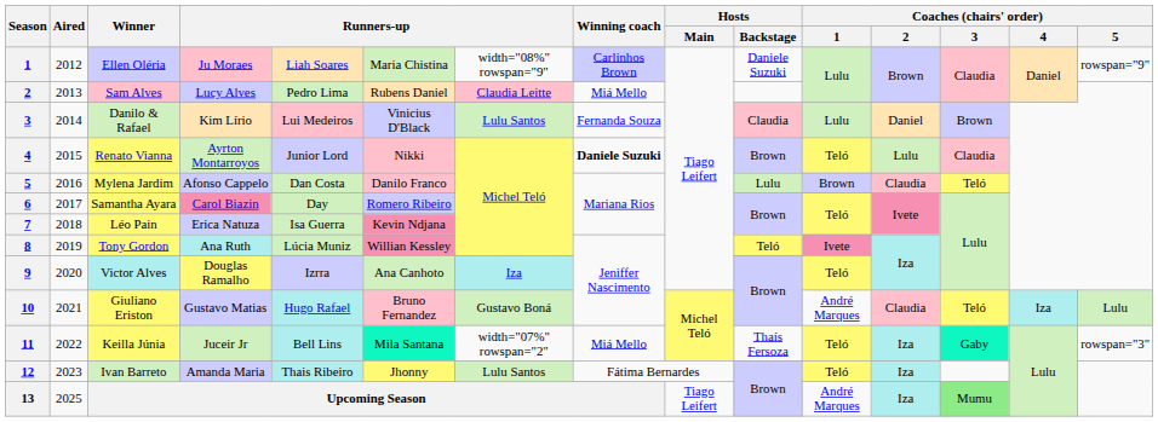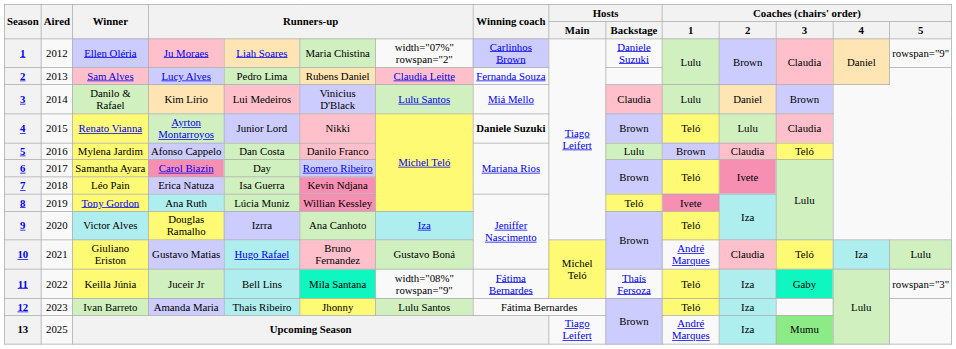 <table class="wikitable" style="text-align:center; font-size:90%; line-height:16px; width:100%">
 <tr>
 <th rowspan="2" scope="col" width="01%">Season</th>
 <th rowspan="2" scope="col" width="01%">Aired</th>
 <th rowspan="2" scope="col" width="08%">Winner</th>
 <th rowspan="2" colspan="4" width="00%">Runners-up</th>
 <th rowspan="2" scope="col" width="08%">Winning coach</th>
 <th colspan="2" scope="col">Hosts</th>
 <th colspan="5" scope="col">Coaches (chairs' order)</th>
 </tr>
 <tr>
 <th width="6%">Main</th>
 <th width="6%">Backstage</th>
 <th width="6%">1</th>
 <th width="6%">2</th>
 <th width="6%">3</th>
 <th width="6%">4</th>
 <th width="6%">5</th>
 </tr>
 <tr>
 <th scope="row"><a href='#'>1</a></th>
 <td>2012</td>
 <td bgcolor="#CCCCFF"><a href='#'>Ellen Oléria</a></td>
 <td width="08%" bgcolor="pink"><a href='#'>Ju Moraes</a></td>
 <td width="08%" bgcolor="#FFE5B4"><a href='#'>Liah Soares</a></td>
 <td width="08%" bgcolor="#D0F0C0">Maria Chistina</td>
-<td>width="08%" rowspan="9" </td>
+<td>width="07%" rowspan="2" </td>
 <td bgcolor="#CCCCFF"><a href='#'>Carlinhos Brown</a></td>
 <td rowspan="9"><a href='#'>Tiago Leifert</a></td>
 <td><a href='#'>Daniele Suzuki</a></td>
 <td rowspan="2" bgcolor="#D0F0C0">Lulu</td>
 <td rowspan="2" bgcolor="#ccf">Brown</td>
 <td rowspan="2" bgcolor="Pink">Claudia</td>
 <td rowspan="2" bgcolor="#ffe5b4">Daniel</td>
 <td>rowspan="9" </td>
 </tr>
 <tr>
 <th scope="row"><a href='#'>2</a></th>
 <td>2013</td>
 <td bgcolor="pink"><a href='#'>Sam Alves</a></td>
 <td bgcolor="#CCCCFF"><a href='#'>Lucy Alves</a></td>
 <td bgcolor="#D0F0C0">Pedro Lima</td>
 <td bgcolor="#FFE5B4">Rubens Daniel</td>
 <td bgcolor="pink"><a href='#'>Claudia Leitte</a></td>
-<td><a href='#'>Miá Mello</a></td>
+<td><a href='#'>Fernanda Souza</a></td>
 </tr>
 <tr>
 <th scope="row"><a href='#'>3</a></th>
 <td>2014</td>
 <td bgcolor="#D0F0C0">Danilo & Rafael</td>
 <td bgcolor="#FFE5B4">Kim Lírio</td>
 <td bgcolor="pink">Lui Medeiros</td>
 <td bgcolor="#CCCCFF">Vinicius D'Black</td>
 <td bgcolor="#D0F0C0"><a href='#'>Lulu Santos</a></td>
-<td><a href='#'>Fernanda Souza</a></td>
+<td><a href='#'>Miá Mello</a></td>
 <td bgcolor="pink">Claudia</td>
 <td bgcolor="#D0F0C0">Lulu</td>
 <td bgcolor="#FFE5B4">Daniel</td>
 <td bgcolor="#CCCCFF">Brown</td>
 </tr>
 <tr>
 <th scope="row"><a href='#'>4</a></th>
 <td>2015</td>
 <td bgcolor="#fffa73"><a href='#'>Renato Vianna</a></td>
 <td bgcolor="#D0F0C0"><a href='#'>Ayrton Montarroyos</a></td>
 <td bgcolor="#CCCCFF">Junior Lord</td>
 <td bgcolor="pink">Nikki</td>
 <td rowspan="5" bgcolor="#fffa73"><a href='#'>Michel Teló</a></td>
 <td><strong>Daniele Suzuki</strong></td>
 <td bgcolor="#CCCCFF">Brown</td>
 <td bgcolor="#fffa73">Teló</td>
 <td bgcolor="#D0F0C0">Lulu</td>
 <td bgcolor="pink">Claudia</td>
 </tr>
 <tr>
 <th scope="row"><a href='#'>5</a></th>
 <td>2016</td>
 <td bgcolor="#fffa73">Mylena Jardim</td>
 <td bgcolor="#CCCCFF">Afonso Cappelo</td>
 <td bgcolor="#D0F0C0">Dan Costa</td>
 <td bgcolor="Pink">Danilo Franco</td>
 <td rowspan="3"><a href='#'>Mariana Rios</a></td>
 <td bgcolor="#D0F0C0">Lulu</td>
 <td bgcolor="#CCCCFF">Brown</td>
 <td bgcolor="pink">Claudia</td>
 <td bgcolor="#fffa73">Teló</td>
 </tr>
 <tr>
 <th scope="row"><a href='#'>6</a></th>
 <td>2017</td>
 <td bgcolor="#fffa73">Samantha Ayara</td>
 <td bgcolor="#f78fb2"><a href='#'>Carol Biazin</a></td>
 <td bgcolor="#D0F0C0">Day</td>
 <td bgcolor="#CCCCFF"><a href='#'>Romero Ribeiro</a></td>
 <td rowspan="2" bgcolor="#CCCCFF">Brown</td>
 <td rowspan="2" bgcolor="#fffa73">Teló</td>
 <td rowspan="2" bgcolor="#f78fb2">Ivete</td>
 <td rowspan="4" bgcolor="#D0F0C0">Lulu</td>
 </tr>
 <tr>
 <th scope="row"><a href='#'>7</a></th>
 <td>2018</td>
 <td bgcolor="#fffa73">Léo Pain</td>
 <td bgcolor="#CCCCFF">Erica Natuza</td>
 <td bgcolor="#D0F0C0">Isa Guerra</td>
 <td bgcolor="#f78fb2">Kevin Ndjana</td>
 </tr>
 <tr>
 <th scope="row"><a href='#'>8</a></th>
 <td>2019</td>
 <td bgcolor="#fffa73"><a href='#'>Tony Gordon</a></td>
 <td bgcolor="#afeeee">Ana Ruth</td>
 <td bgcolor="#D0F0C0">Lúcia Muniz</td>
 <td bgcolor="#f78fb2">Willian Kessley</td>
 <td rowspan="3"><a href='#'>Jeniffer Nascimento</a></td>
 <td bgcolor="#fffa73">Teló</td>
 <td bgcolor="#f78fb2">Ivete</td>
 <td rowspan="2" bgcolor="#afeeee">Iza</td>
 </tr>
 <tr>
 <th scope="row"><a href='#'>9</a></th>
 <td>2020</td>
 <td bgcolor="#afeeee">Victor Alves</td>
 <td bgcolor="#fffa73">Douglas Ramalho</td>
 <td bgcolor="#ccccff">Izrra</td>
 <td bgcolor="#D0F0C0">Ana Canhoto</td>
 <td bgcolor="#afeeee"><a href='#'>Iza</a></td>
 <td rowspan="2" bgcolor="#CCCCFF">Brown</td>
 <td bgcolor="#fffa73">Teló</td>
 </tr>
 <tr>
 <th scope="row"><a href='#'>10</a></th>
 <td>2021</td>
 <td style="background:#fffa73">Giuliano Eriston</td>
 <td style="background:#ccccff">Gustavo Matias</td>
 <td style="background:#afeeee"><a href='#'>Hugo Rafael</a></td>
 <td style="background:pink">Bruno Fernandez</td>
 <td style="background:#d0f0c0">Gustavo Boná</td>
 <td style="background:#fffa73" rowspan="2">Michel Teló</td>
 <td><a href='#'>André Marques</a></td>
 <td bgcolor="pink">Claudia</td>
 <td bgcolor="#fffa73">Teló</td>
 <td bgcolor="#afeeee">Iza</td>
 <td bgcolor="#D0F0C0">Lulu</td>
 </tr>
 <tr>
 <th scope="row"><a href='#'>11</a></th>
 <td>2022</td>
 <td bgcolor="#fffa73">Keilla Júnia</td>
 <td bgcolor="#D0F0C0">Juceir Jr</td>
 <td bgcolor="#afeeee">Bell Lins</td>
 <td bgcolor="#0FF7C0">Mila Santana</td>
-<td>width="07%" rowspan="2" </td>
-<td><a href='#'>Miá Mello</a></td>
+<td>width="08%" rowspan="9" </td>
+<td><a href='#'>Fátima Bernardes</a></td>
 <td><a href='#'>Thaís Fersoza</a></td>
 <td bgcolor="#fffa73">Teló</td>
 <td bgcolor="#afeeee">Iza</td>
 <td bgcolor="#0FF7C0">Gaby</td>
 <td rowspan="3" bgcolor="#D0F0C0">Lulu</td>
 <td>rowspan="3" </td>
 </tr>
 <tr>
 <th><a href='#'>12</a></th>
 <td>2023</td>
 <td bgcolor="#D0F0C0">Ivan Barreto</td>
 <td bgcolor="#ccccff">Amanda Maria</td>
 <td bgcolor="#afeeee">Thais Ribeiro</td>
 <td bgcolor="#fffa73">Jhonny</td>
 <td bgcolor="#D0F0C0">Lulu Santos</td>
 <td colspan="2">Fátima Bernardes</td>
 <td rowspan="2" bgcolor="#ccccff">Brown</td>
 <td bgcolor="#fffa73">Teló</td>
 <td bgcolor="#afeeee">Iza</td>
 </tr>
 <tr>
 <th>13</th>
 <td>2025</td>
 <th colspan="6">Upcoming Season</th>
 <td><a href='#'>Tiago Leifert</a></td>
 <td><a href='#'>André Marques</a></td>
 <td bgcolor="#afeeee">Iza</td>
 <td bgcolor="#8deb87">Mumu</td>
 </tr>
 </table>
